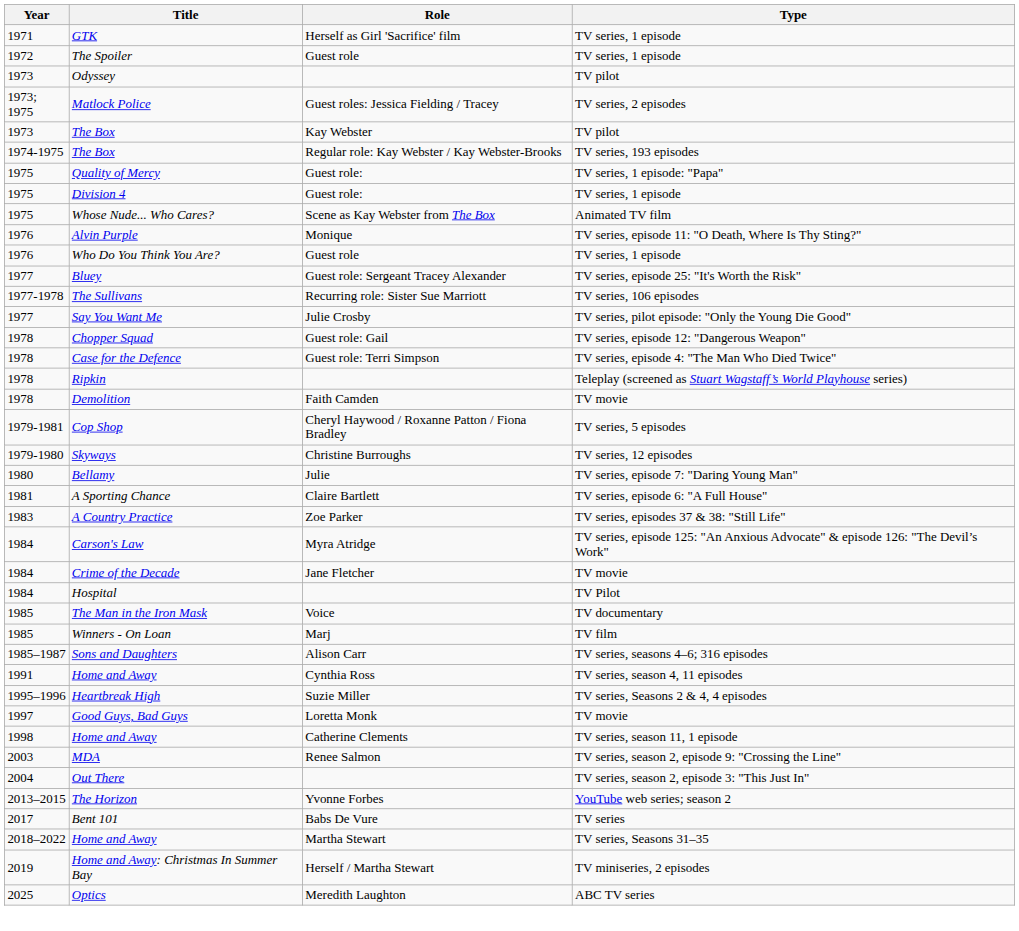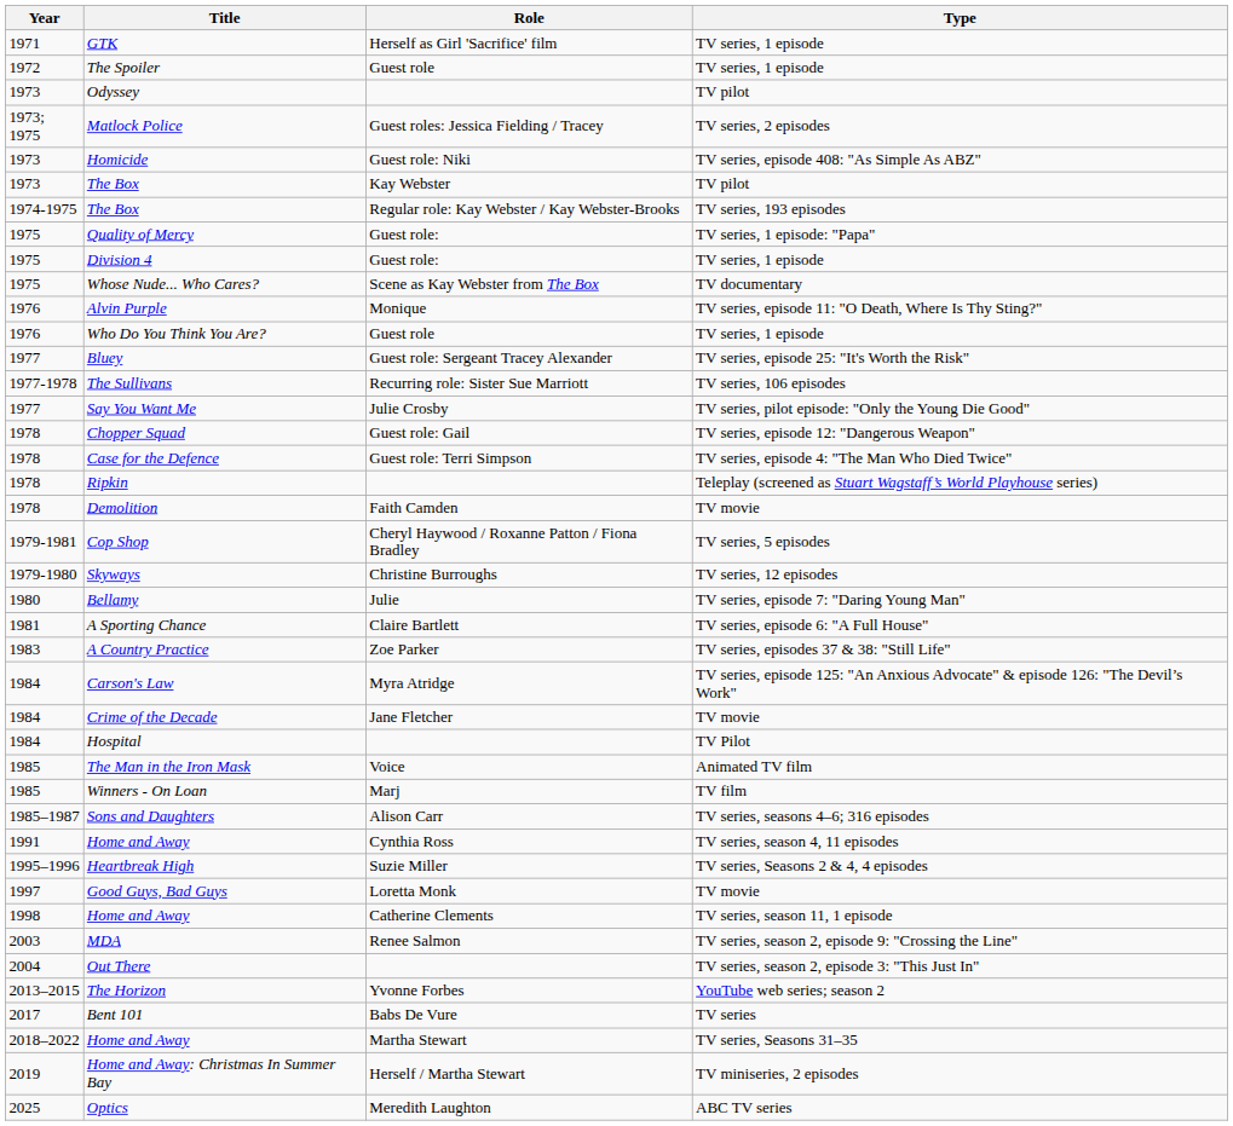 <table class="wikitable">
 <tr>
 <th>Year</th>
 <th>Title</th>
 <th>Role</th>
 <th>Type</th>
 </tr>
 <tr>
 <td>1971</td>
 <td><em><a href='#'>GTK</a></em></td>
 <td>Herself as Girl 'Sacrifice' film</td>
 <td>TV series, 1 episode</td>
 </tr>
 <tr>
 <td>1972</td>
 <td><em>The Spoiler</em></td>
 <td>Guest role</td>
 <td>TV series, 1 episode</td>
 </tr>
 <tr>
 <td>1973</td>
 <td><em>Odyssey</em></td>
 <td></td>
 <td>TV pilot</td>
 </tr>
 <tr>
 <td>1973; 1975</td>
 <td><em><a href='#'>Matlock Police</a></em></td>
 <td>Guest roles: Jessica Fielding / Tracey</td>
 <td>TV series, 2 episodes</td>
 </tr>
 <tr>
 <td>1973</td>
+<td><em><a href='#'>Homicide</a></em></td>
+<td>Guest role: Niki</td>
+<td>TV series, episode 408: "As Simple As ABZ"</td>
+</tr>
+<tr>
+<td>1973</td>
 <td><em><a href='#'>The Box</a></em></td>
 <td>Kay Webster</td>
 <td>TV pilot</td>
 </tr>
 <tr>
 <td>1974-1975</td>
 <td><em><a href='#'>The Box</a></em></td>
 <td>Regular role: Kay Webster / Kay Webster-Brooks</td>
 <td>TV series, 193 episodes</td>
 </tr>
 <tr>
 <td>1975</td>
 <td><em><a href='#'>Quality of Mercy</a></em></td>
 <td>Guest role:</td>
 <td>TV series, 1 episode: "Papa"</td>
 </tr>
 <tr>
 <td>1975</td>
 <td><em><a href='#'>Division 4</a></em></td>
 <td>Guest role:</td>
 <td>TV series, 1 episode</td>
 </tr>
 <tr>
 <td>1975</td>
 <td><em>Whose Nude... Who Cares?</em></td>
 <td>Scene as Kay Webster from <em><a href='#'>The Box</a></em></td>
-<td>Animated TV film</td>
+<td>TV documentary</td>
 </tr>
 <tr>
 <td>1976</td>
 <td><em><a href='#'>Alvin Purple</a></em></td>
 <td>Monique</td>
 <td>TV series, episode 11: "O Death, Where Is Thy Sting?"</td>
 </tr>
 <tr>
 <td>1976</td>
 <td><em>Who Do You Think You Are?</em></td>
 <td>Guest role</td>
 <td>TV series, 1 episode</td>
 </tr>
 <tr>
 <td>1977</td>
 <td><em><a href='#'>Bluey</a></em></td>
 <td>Guest role: Sergeant Tracey Alexander</td>
 <td>TV series, episode 25: "It's Worth the Risk"</td>
 </tr>
 <tr>
 <td>1977-1978</td>
 <td><em><a href='#'>The Sullivans</a></em></td>
 <td>Recurring role: Sister Sue Marriott</td>
 <td>TV series, 106 episodes</td>
 </tr>
 <tr>
 <td>1977</td>
 <td><em><a href='#'>Say You Want Me</a></em></td>
 <td>Julie Crosby</td>
 <td>TV series, pilot episode:  "Only the Young Die Good"</td>
 </tr>
 <tr>
 <td>1978</td>
 <td><em><a href='#'>Chopper Squad</a></em></td>
 <td>Guest role: Gail</td>
 <td>TV series, episode 12: "Dangerous Weapon"</td>
 </tr>
 <tr>
 <td>1978</td>
 <td><em><a href='#'>Case for the Defence</a></em></td>
 <td>Guest role: Terri Simpson</td>
 <td>TV series, episode 4: "The Man Who Died Twice"</td>
 </tr>
 <tr>
 <td>1978</td>
 <td><em><a href='#'>Ripkin</a></em></td>
 <td></td>
 <td>Teleplay (screened as <em><a href='#'>Stuart Wagstaff’s World Playhouse</a></em> series)</td>
 </tr>
 <tr>
 <td>1978</td>
 <td><em><a href='#'>Demolition</a></em></td>
 <td>Faith Camden</td>
 <td>TV movie</td>
 </tr>
 <tr>
 <td>1979-1981</td>
 <td><em><a href='#'>Cop Shop</a></em></td>
 <td>Cheryl Haywood / Roxanne Patton / Fiona Bradley</td>
 <td>TV series, 5 episodes</td>
 </tr>
 <tr>
 <td>1979-1980</td>
 <td><em><a href='#'>Skyways</a></em></td>
 <td>Christine Burroughs</td>
 <td>TV series, 12 episodes</td>
 </tr>
 <tr>
 <td>1980</td>
 <td><em><a href='#'>Bellamy</a></em></td>
 <td>Julie</td>
 <td>TV series, episode 7: "Daring Young Man"</td>
 </tr>
 <tr>
 <td>1981</td>
 <td><em>A Sporting Chance</em></td>
 <td>Claire Bartlett</td>
 <td>TV series, episode 6: "A Full House"</td>
 </tr>
 <tr>
 <td>1983</td>
 <td><em><a href='#'>A Country Practice</a></em></td>
 <td>Zoe Parker</td>
 <td>TV series, episodes 37 & 38: "Still Life"</td>
 </tr>
 <tr>
 <td>1984</td>
 <td><em><a href='#'>Carson's Law</a></em></td>
 <td>Myra Atridge</td>
 <td>TV series, episode 125: "An Anxious Advocate" & episode 126: "The Devil’s Work"</td>
 </tr>
 <tr>
 <td>1984</td>
 <td><em><a href='#'>Crime of the Decade</a></em></td>
 <td>Jane Fletcher</td>
 <td>TV movie</td>
 </tr>
 <tr>
 <td>1984</td>
 <td><em>Hospital</em></td>
 <td></td>
 <td>TV Pilot</td>
 </tr>
 <tr>
 <td>1985</td>
 <td><em><a href='#'>The Man in the Iron Mask</a></em></td>
 <td>Voice</td>
-<td>TV documentary</td>
+<td>Animated TV film</td>
 </tr>
 <tr>
 <td>1985</td>
 <td><em>Winners - On Loan</em></td>
 <td>Marj</td>
 <td>TV film</td>
 </tr>
 <tr>
 <td>1985–1987</td>
 <td><em><a href='#'>Sons and Daughters</a></em></td>
 <td>Alison Carr</td>
 <td>TV series, seasons 4–6; 316 episodes</td>
 </tr>
 <tr>
 <td>1991</td>
 <td><em><a href='#'>Home and Away</a></em></td>
 <td>Cynthia Ross</td>
 <td>TV series, season 4, 11 episodes</td>
 </tr>
 <tr>
 <td>1995–1996</td>
 <td><em><a href='#'>Heartbreak High</a></em></td>
 <td>Suzie Miller</td>
 <td>TV series, Seasons 2 & 4, 4 episodes</td>
 </tr>
 <tr>
 <td>1997</td>
 <td><em><a href='#'>Good Guys, Bad Guys</a></em></td>
 <td>Loretta Monk</td>
 <td>TV movie</td>
 </tr>
 <tr>
 <td>1998</td>
 <td><em><a href='#'>Home and Away</a></em></td>
 <td>Catherine Clements</td>
 <td>TV series, season 11, 1 episode</td>
 </tr>
 <tr>
 <td>2003</td>
 <td><em><a href='#'>MDA</a></em></td>
 <td>Renee Salmon</td>
 <td>TV series, season 2, episode 9: "Crossing the Line"</td>
 </tr>
 <tr>
 <td>2004</td>
 <td><em><a href='#'>Out There</a></em></td>
 <td></td>
 <td>TV series, season 2, episode 3: "This Just In"</td>
 </tr>
 <tr>
 <td>2013–2015</td>
 <td><em><a href='#'>The Horizon</a></em></td>
 <td>Yvonne Forbes</td>
 <td><a href='#'>YouTube</a> web series; season 2</td>
 </tr>
 <tr>
 <td>2017</td>
 <td><em>Bent 101</em></td>
 <td>Babs De Vure</td>
 <td>TV series</td>
 </tr>
 <tr>
 <td>2018–2022</td>
 <td><em><a href='#'>Home and Away</a></em></td>
 <td>Martha Stewart</td>
 <td>TV series, Seasons 31–35</td>
 </tr>
 <tr>
 <td>2019</td>
 <td><em><a href='#'>Home and Away</a>: Christmas In Summer Bay</em></td>
 <td>Herself / Martha Stewart</td>
 <td>TV miniseries, 2 episodes</td>
 </tr>
 <tr>
 <td>2025</td>
 <td><em><a href='#'>Optics</a></em></td>
 <td>Meredith Laughton</td>
 <td>ABC TV series</td>
 </tr>
 </table>
